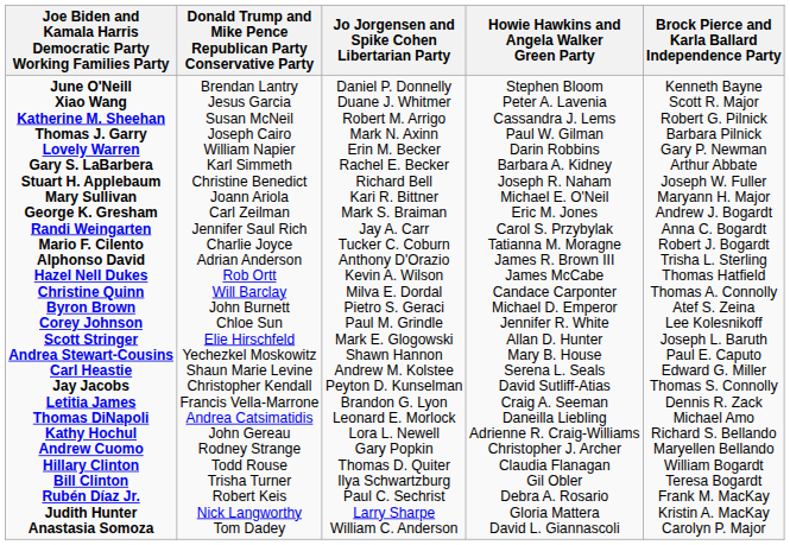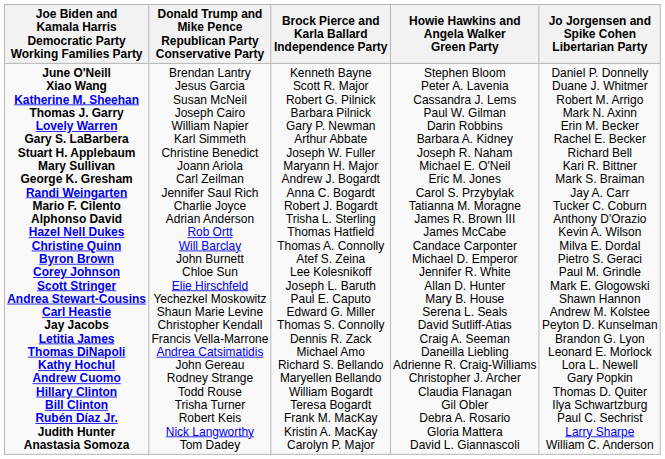 <table class="wikitable" style="font-size:90%;text-align:center;">
 <tr>
 <th>Joe Biden and<br>Kamala Harris<br>Democratic Party<br>Working Families Party</th>
 <th>Donald Trump and<br>Mike Pence<br>Republican Party<br>Conservative Party</th>
+<th>Brock Pierce and<br>Karla Ballard<br>Independence Party</th>
+<th>Howie Hawkins and<br>Angela Walker<br>Green Party</th>
 <th>Jo Jorgensen and<br>Spike Cohen<br>Libertarian Party</th>
-<th>Howie Hawkins and<br>Angela Walker<br>Green Party</th>
-<th>Brock Pierce and<br>Karla Ballard<br>Independence Party</th>
 </tr>
 <tr>
 <td><strong>June O'Neill<br>Xiao Wang<br><a href='#'>Katherine M. Sheehan</a><br>Thomas J. Garry<br><a href='#'>Lovely Warren</a><br>Gary S. LaBarbera<br>Stuart H. Applebaum<br>Mary Sullivan<br>George K. Gresham<br><a href='#'>Randi Weingarten</a><br>Mario F. Cilento<br>Alphonso David<br><a href='#'>Hazel Nell Dukes</a><br><a href='#'>Christine Quinn</a><br><a href='#'>Byron Brown</a><br><a href='#'>Corey Johnson</a><br><a href='#'>Scott Stringer</a><br><a href='#'>Andrea Stewart-Cousins</a><br><a href='#'>Carl Heastie</a><br>Jay Jacobs<br><a href='#'>Letitia James</a><br><a href='#'>Thomas DiNapoli</a><br><a href='#'>Kathy Hochul</a><br><a href='#'>Andrew Cuomo</a><br><a href='#'>Hillary Clinton</a><br><a href='#'>Bill Clinton</a><br><a href='#'>Rubén Díaz Jr.</a><br>Judith Hunter<br>Anastasia Somoza</strong></td>
 <td>Brendan Lantry<br>Jesus Garcia<br>Susan McNeil<br>Joseph Cairo<br>William Napier<br>Karl Simmeth<br>Christine Benedict<br>Joann Ariola<br>Carl Zeilman<br>Jennifer Saul Rich<br>Charlie Joyce<br>Adrian Anderson<br><a href='#'>Rob Ortt</a><br><a href='#'>Will Barclay</a><br>John Burnett<br>Chloe Sun<br><a href='#'>Elie Hirschfeld</a><br>Yechezkel Moskowitz<br>Shaun Marie Levine<br>Christopher Kendall<br>Francis Vella-Marrone<br><a href='#'>Andrea Catsimatidis</a><br>John Gereau<br>Rodney Strange<br>Todd Rouse<br>Trisha Turner<br>Robert Keis<br><a href='#'>Nick Langworthy</a><br>Tom Dadey</td>
+<td>Kenneth Bayne<br>Scott R. Major<br>Robert G. Pilnick<br>Barbara Pilnick<br>Gary P. Newman<br>Arthur Abbate<br>Joseph W. Fuller<br>Maryann H. Major<br>Andrew J. Bogardt<br>Anna C. Bogardt<br>Robert J. Bogardt<br>Trisha L. Sterling<br>Thomas Hatfield<br>Thomas A. Connolly<br>Atef S. Zeina<br>Lee Kolesnikoff<br>Joseph L. Baruth<br>Paul E. Caputo<br>Edward G. Miller<br>Thomas S. Connolly<br>Dennis R. Zack<br>Michael Amo<br>Richard S. Bellando<br>Maryellen Bellando<br>William Bogardt<br>Teresa Bogardt<br>Frank M. MacKay<br>Kristin A. MacKay<br>Carolyn P. Major</td>
+<td>Stephen Bloom<br>Peter A. Lavenia<br>Cassandra J. Lems<br>Paul W. Gilman<br>Darin Robbins<br>Barbara A. Kidney<br>Joseph R. Naham<br>Michael E. O'Neil<br>Eric M. Jones<br>Carol S. Przybylak<br>Tatianna M. Moragne<br>James R. Brown III<br>James McCabe<br>Candace Carponter<br>Michael D. Emperor<br>Jennifer R. White<br>Allan D. Hunter<br>Mary B. House<br>Serena L. Seals<br>David Sutliff-Atias<br>Craig A. Seeman<br>Daneilla Liebling<br>Adrienne R. Craig-Williams<br>Christopher J. Archer<br>Claudia Flanagan<br>Gil Obler<br>Debra A. Rosario<br>Gloria Mattera<br>David L. Giannascoli</td>
 <td>Daniel P. Donnelly<br>Duane J. Whitmer<br>Robert M. Arrigo<br>Mark N. Axinn<br>Erin M. Becker<br>Rachel E. Becker<br>Richard Bell<br>Kari R. Bittner<br>Mark S. Braiman<br>Jay A. Carr<br>Tucker C. Coburn<br>Anthony D'Orazio<br>Kevin A. Wilson<br>Milva E. Dordal<br>Pietro S. Geraci<br>Paul M. Grindle<br>Mark E. Glogowski<br>Shawn Hannon<br>Andrew M. Kolstee<br>Peyton D. Kunselman<br>Brandon G. Lyon<br>Leonard E. Morlock<br>Lora L. Newell<br>Gary Popkin<br>Thomas D. Quiter<br>Ilya Schwartzburg<br>Paul C. Sechrist<br><a href='#'>Larry Sharpe</a><br>William C. Anderson</td>
-<td>Stephen Bloom<br>Peter A. Lavenia<br>Cassandra J. Lems<br>Paul W. Gilman<br>Darin Robbins<br>Barbara A. Kidney<br>Joseph R. Naham<br>Michael E. O'Neil<br>Eric M. Jones<br>Carol S. Przybylak<br>Tatianna M. Moragne<br>James R. Brown III<br>James McCabe<br>Candace Carponter<br>Michael D. Emperor<br>Jennifer R. White<br>Allan D. Hunter<br>Mary B. House<br>Serena L. Seals<br>David Sutliff-Atias<br>Craig A. Seeman<br>Daneilla Liebling<br>Adrienne R. Craig-Williams<br>Christopher J. Archer<br>Claudia Flanagan<br>Gil Obler<br>Debra A. Rosario<br>Gloria Mattera<br>David L. Giannascoli</td>
-<td>Kenneth Bayne<br>Scott R. Major<br>Robert G. Pilnick<br>Barbara Pilnick<br>Gary P. Newman<br>Arthur Abbate<br>Joseph W. Fuller<br>Maryann H. Major<br>Andrew J. Bogardt<br>Anna C. Bogardt<br>Robert J. Bogardt<br>Trisha L. Sterling<br>Thomas Hatfield<br>Thomas A. Connolly<br>Atef S. Zeina<br>Lee Kolesnikoff<br>Joseph L. Baruth<br>Paul E. Caputo<br>Edward G. Miller<br>Thomas S. Connolly<br>Dennis R. Zack<br>Michael Amo<br>Richard S. Bellando<br>Maryellen Bellando<br>William Bogardt<br>Teresa Bogardt<br>Frank M. MacKay<br>Kristin A. MacKay<br>Carolyn P. Major</td>
 </tr>
 </table>
